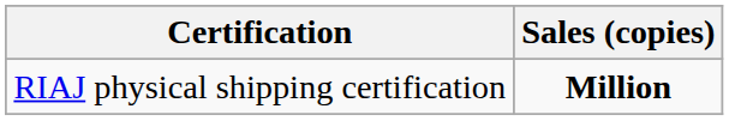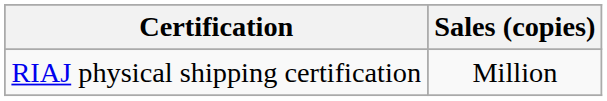 <table class="wikitable">
 <tr>
 <th>Certification</th>
 <th>Sales (copies)</th>
 </tr>
 <tr>
 <td><a href='#'>RIAJ</a> physical shipping certification</td>
-<td style="text-align:center;"><strong>Million </strong></td>
+<td style="text-align:center;">Million </td>
 </tr>
 </table>
